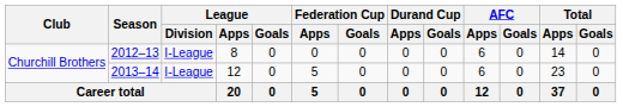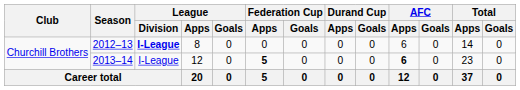 <table class="wikitable" style="text-align: center;">
 <tr>
 <th rowspan="2">Club</th>
 <th rowspan="2">Season</th>
 <th colspan="3">League</th>
 <th colspan="2">Federation Cup</th>
 <th colspan="2">Durand Cup</th>
 <th colspan="2"><a href='#'>AFC</a></th>
 <th colspan="2">Total</th>
 </tr>
 <tr>
 <th>Division</th>
 <th>Apps</th>
 <th>Goals</th>
 <th>Apps</th>
 <th>Goals</th>
 <th>Apps</th>
 <th>Goals</th>
 <th>Apps</th>
 <th>Goals</th>
 <th>Apps</th>
 <th>Goals</th>
 </tr>
 <tr>
 <td rowspan="2"><a href='#'>Churchill Brothers</a></td>
 <td><a href='#'>2012–13</a></td>
-<td><a href='#'>I-League</a></td>
+<td><strong><a href='#'>I-League</a></strong></td>
 <td>8</td>
 <td>0</td>
 <td>0</td>
 <td>0</td>
 <td>0</td>
 <td>0</td>
 <td>6</td>
 <td>0</td>
 <td>14</td>
 <td>0</td>
 </tr>
 <tr>
 <td><a href='#'>2013–14</a></td>
 <td><a href='#'>I-League</a></td>
 <td>12</td>
 <td>0</td>
-<td>5</td>
+<td><strong>5</strong></td>
 <td>0</td>
 <td>0</td>
 <td>0</td>
-<td>6</td>
+<td><strong>6</strong></td>
 <td>0</td>
 <td>23</td>
 <td>0</td>
 </tr>
 <tr>
 <th colspan="3">Career total</th>
 <th>20</th>
 <th>0</th>
 <th>5</th>
 <th>0</th>
 <th>0</th>
 <th>0</th>
 <th>12</th>
 <th>0</th>
 <th>37</th>
 <th>0</th>
 </tr>
 </table>
